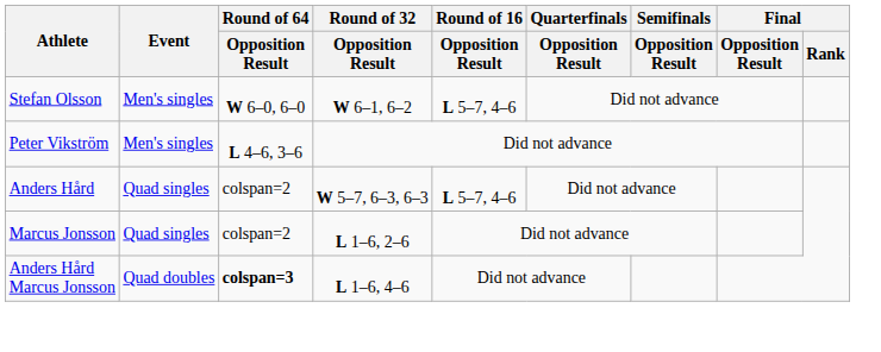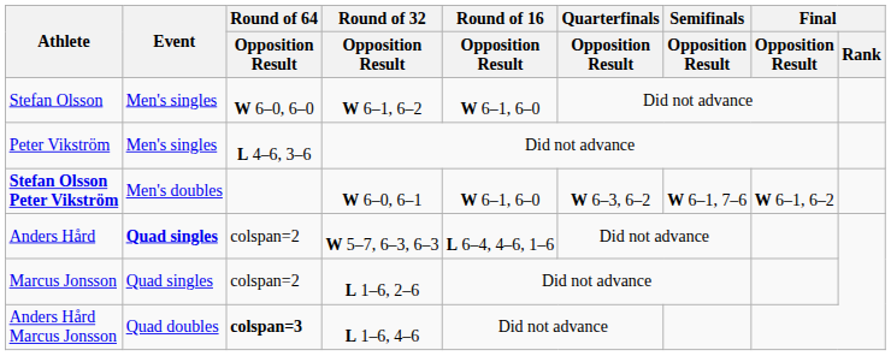 <table class=wikitable>
 <tr>
 <th rowspan="2">Athlete</th>
 <th rowspan="2">Event</th>
 <th>Round of 64</th>
 <th>Round of 32</th>
 <th>Round of 16</th>
 <th>Quarterfinals</th>
 <th>Semifinals</th>
 <th colspan="2">Final</th>
 </tr>
 <tr>
 <th>Opposition<br>Result</th>
 <th>Opposition<br>Result</th>
 <th>Opposition<br>Result</th>
 <th>Opposition<br>Result</th>
 <th>Opposition<br>Result</th>
 <th>Opposition<br>Result</th>
 <th>Rank</th>
 </tr>
 <tr>
 <td><a href='#'>Stefan Olsson</a></td>
 <td><a href='#'>Men's singles</a></td>
 <td align=center><br><strong>W</strong> 6–0, 6–0</td>
 <td align=center><br><strong>W</strong> 6–1, 6–2</td>
-<td align=center><br><strong>L</strong> 5–7, 4–6</td>
+<td align=center><br><strong>W</strong> 6–1, 6–0</td>
 <td colspan=3 align=center>Did not advance</td>
 <td align=center></td>
 </tr>
 <tr>
 <td><a href='#'>Peter Vikström</a></td>
 <td><a href='#'>Men's singles</a></td>
 <td align=center><br><strong>L</strong> 4–6, 3–6</td>
 <td align=center colspan=5>Did not advance</td>
 <td align=center></td>
 </tr>
 <tr>
+<td><strong><a href='#'>Stefan Olsson</a><br><a href='#'>Peter Vikström</a></strong></td>
+<td><a href='#'>Men's doubles</a></td>
+<td></td>
+<td align=center><br><strong>W</strong> 6–0, 6–1</td>
+<td align=center><br><strong>W</strong> 6–1, 6–0</td>
+<td align=center><br><strong>W</strong> 6–3, 6–2</td>
+<td align=center><br><strong>W</strong> 6–1, 7–6</td>
+<td align=center><br><strong>W</strong> 6–1, 6–2</td>
+<td align=center></td>
+</tr>
+<tr>
 <td><a href='#'>Anders Hård</a></td>
-<td><a href='#'>Quad singles</a></td>
+<td><strong><a href='#'>Quad singles</a></strong></td>
 <td>colspan=2 </td>
 <td align=center><br><strong>W</strong> 5–7, 6–3, 6–3</td>
-<td align=center><br><strong>L</strong> 5–7, 4–6</td>
+<td align=center><br><strong>L</strong> 6–4, 4–6, 1–6</td>
 <td colspan=2 align=center>Did not advance</td>
 <td align=center></td>
 </tr>
 <tr>
 <td><a href='#'>Marcus Jonsson</a></td>
 <td><a href='#'>Quad singles</a></td>
 <td>colspan=2 </td>
 <td align=center><br><strong>L</strong> 1–6, 2–6</td>
 <td colspan=3 align=center>Did not advance</td>
 <td align=center></td>
 </tr>
 <tr>
 <td><a href='#'>Anders Hård</a><br><a href='#'>Marcus Jonsson</a></td>
 <td><a href='#'>Quad doubles</a></td>
 <td><strong>colspan=3 </strong></td>
 <td align=center><br><strong>L</strong> 1–6, 4–6</td>
 <td colspan=2 align=center>Did not advance</td>
 <td align=center></td>
 </tr>
 </table>
